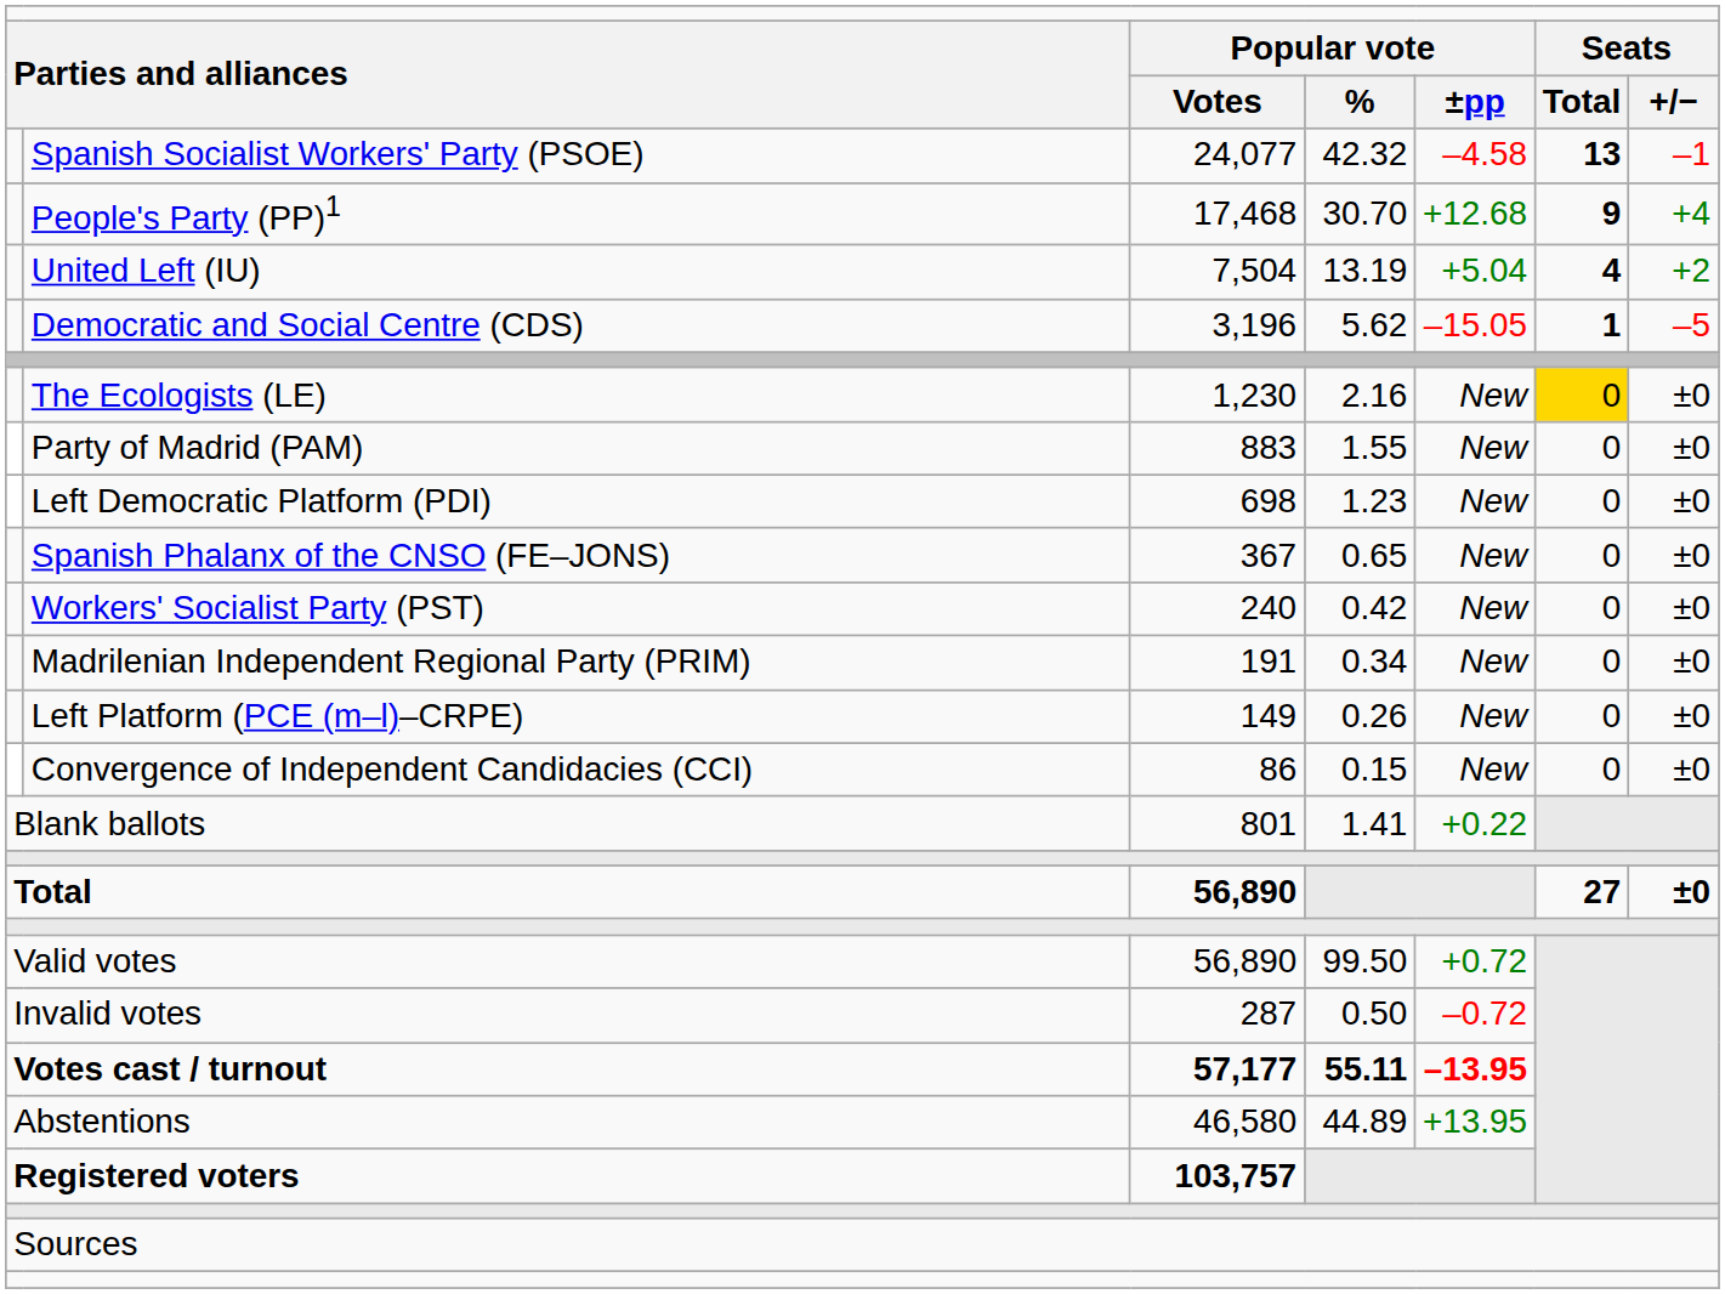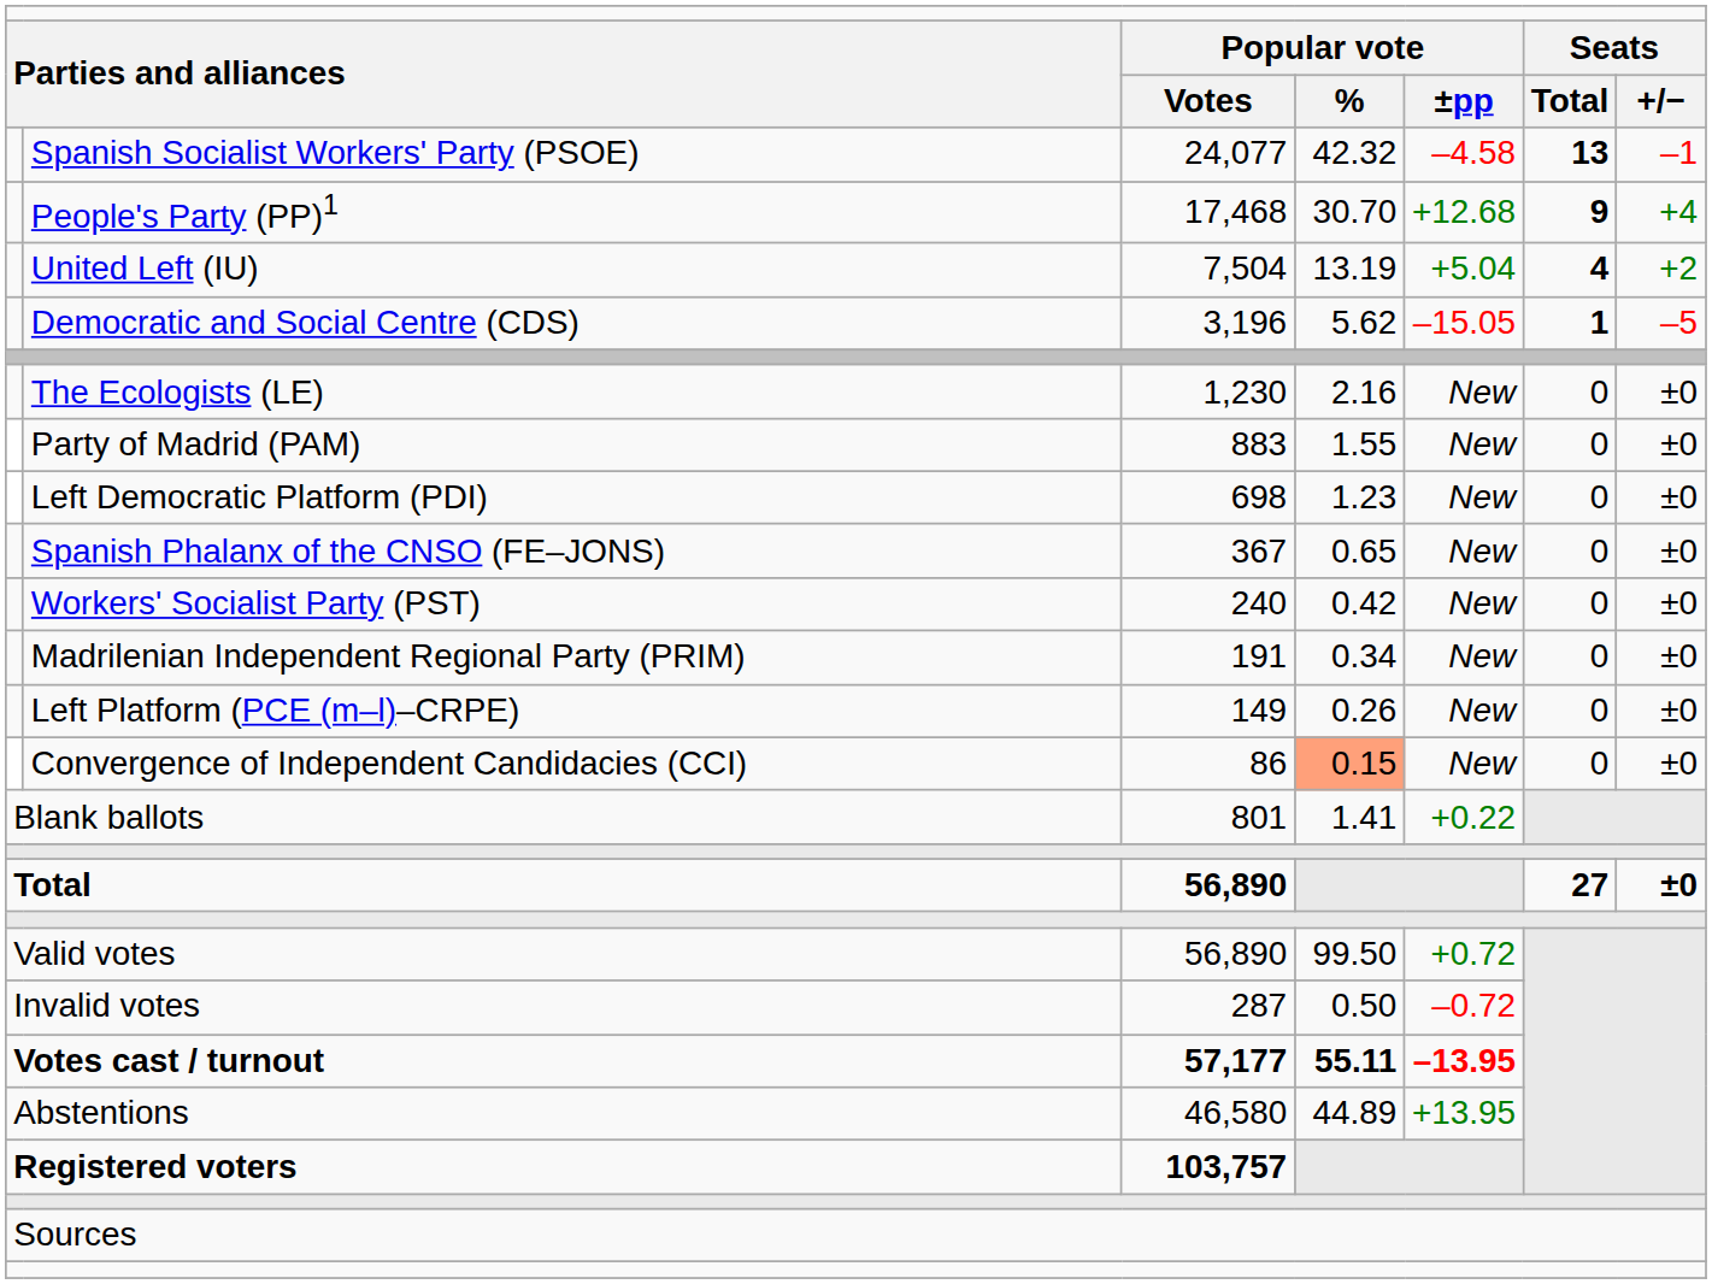 <table class="wikitable" style="text-align:right;">
 <tr>
 <td colspan="7"></td>
 </tr>
 <tr>
 <th style="text-align:left;" rowspan="2" colspan="2" width="525">Parties and alliances</th>
 <th colspan="3">Popular vote</th>
 <th colspan="2">Seats</th>
 </tr>
 <tr>
 <th width="75">Votes</th>
 <th width="45">%</th>
 <th width="45">±<a href='#'>pp</a></th>
 <th width="35">Total</th>
 <th width="35">+/−</th>
 </tr>
 <tr>
 <td width="1" style="color:inherit;background:"></td>
 <td align="left"><a href='#'>Spanish Socialist Workers' Party</a> (PSOE)</td>
 <td>24,077</td>
 <td>42.32</td>
 <td style="color:red;">–4.58</td>
 <td><strong>13</strong></td>
 <td style="color:red;">–1</td>
 </tr>
 <tr>
 <td style="color:inherit;background:"></td>
 <td align="left"><a href='#'>People's Party</a> (PP)<sup>1</sup></td>
 <td>17,468</td>
 <td>30.70</td>
 <td style="color:green;">+12.68</td>
 <td><strong>9</strong></td>
 <td style="color:green;">+4</td>
 </tr>
 <tr>
 <td style="color:inherit;background:"></td>
 <td align="left"><a href='#'>United Left</a> (IU)</td>
 <td>7,504</td>
 <td>13.19</td>
 <td style="color:green;">+5.04</td>
 <td><strong>4</strong></td>
 <td style="color:green;">+2</td>
 </tr>
 <tr>
 <td style="color:inherit;background:"></td>
 <td align="left"><a href='#'>Democratic and Social Centre</a> (CDS)</td>
 <td>3,196</td>
 <td>5.62</td>
 <td style="color:red;">–15.05</td>
 <td><strong>1</strong></td>
 <td style="color:red;">–5</td>
 </tr>
 <tr>
 <td colspan="7" bgcolor="#C0C0C0"></td>
 </tr>
 <tr>
 <td style="color:inherit;background:"></td>
 <td align="left"><a href='#'>The Ecologists</a> (LE)</td>
 <td>1,230</td>
 <td>2.16</td>
 <td><em>New</em></td>
-<td style="background: gold;">0</td>
+<td>0</td>
 <td>±0</td>
 </tr>
 <tr>
 <td bgcolor="white"></td>
 <td align="left">Party of Madrid (PAM)</td>
 <td>883</td>
 <td>1.55</td>
 <td><em>New</em></td>
 <td>0</td>
 <td>±0</td>
 </tr>
 <tr>
 <td bgcolor="white"></td>
 <td align="left">Left Democratic Platform (PDI)</td>
 <td>698</td>
 <td>1.23</td>
 <td><em>New</em></td>
 <td>0</td>
 <td>±0</td>
 </tr>
 <tr>
 <td style="color:inherit;background:"></td>
 <td align="left"><a href='#'>Spanish Phalanx of the CNSO</a> (FE–JONS)</td>
 <td>367</td>
 <td>0.65</td>
 <td><em>New</em></td>
 <td>0</td>
 <td>±0</td>
 </tr>
 <tr>
 <td style="color:inherit;background:"></td>
 <td align="left"><a href='#'>Workers' Socialist Party</a> (PST)</td>
 <td>240</td>
 <td>0.42</td>
 <td><em>New</em></td>
 <td>0</td>
 <td>±0</td>
 </tr>
 <tr>
 <td style="color:inherit;background:"></td>
 <td align="left">Madrilenian Independent Regional Party (PRIM)</td>
 <td>191</td>
 <td>0.34</td>
 <td><em>New</em></td>
 <td>0</td>
 <td>±0</td>
 </tr>
 <tr>
 <td style="color:inherit;background:"></td>
 <td align="left">Left Platform (<a href='#'>PCE (m–l)</a>–CRPE)</td>
 <td>149</td>
 <td>0.26</td>
 <td><em>New</em></td>
 <td>0</td>
 <td>±0</td>
 </tr>
 <tr>
 <td bgcolor="white"></td>
 <td align="left">Convergence of Independent Candidacies (CCI)</td>
 <td>86</td>
-<td>0.15</td>
+<td style="background: lightsalmon;">0.15</td>
 <td><em>New</em></td>
 <td>0</td>
 <td>±0</td>
 </tr>
 <tr>
 <td align="left" colspan="2">Blank ballots</td>
 <td>801</td>
 <td>1.41</td>
 <td style="color:green;">+0.22</td>
 <td bgcolor="#E9E9E9" colspan="2"></td>
 </tr>
 <tr>
 <td colspan="7" bgcolor="#E9E9E9"></td>
 </tr>
 <tr style="font-weight:bold;">
 <td align="left" colspan="2">Total</td>
 <td>56,890</td>
 <td bgcolor="#E9E9E9" colspan="2"></td>
 <td>27</td>
 <td>±0</td>
 </tr>
 <tr>
 <td colspan="7" bgcolor="#E9E9E9"></td>
 </tr>
 <tr>
 <td align="left" colspan="2">Valid votes</td>
 <td>56,890</td>
 <td>99.50</td>
 <td style="color:green;">+0.72</td>
 <td bgcolor="#E9E9E9" colspan="2" rowspan="5"></td>
 </tr>
 <tr>
 <td align="left" colspan="2">Invalid votes</td>
 <td>287</td>
 <td>0.50</td>
 <td style="color:red;">–0.72</td>
 </tr>
 <tr style="font-weight:bold;">
 <td align="left" colspan="2">Votes cast / turnout</td>
 <td>57,177</td>
 <td>55.11</td>
 <td style="color:red;">–13.95</td>
 </tr>
 <tr>
 <td align="left" colspan="2">Abstentions</td>
 <td>46,580</td>
 <td>44.89</td>
 <td style="color:green;">+13.95</td>
 </tr>
 <tr style="font-weight:bold;">
 <td align="left" colspan="2">Registered voters</td>
 <td>103,757</td>
 <td bgcolor="#E9E9E9" colspan="2"></td>
 </tr>
 <tr>
 <td colspan="7" bgcolor="#E9E9E9"></td>
 </tr>
 <tr>
 <td align="left" colspan="7">Sources</td>
 </tr>
 <tr>
 <td colspan="7" style="text-align:left; max-width:790px;"></td>
 </tr>
 </table>
